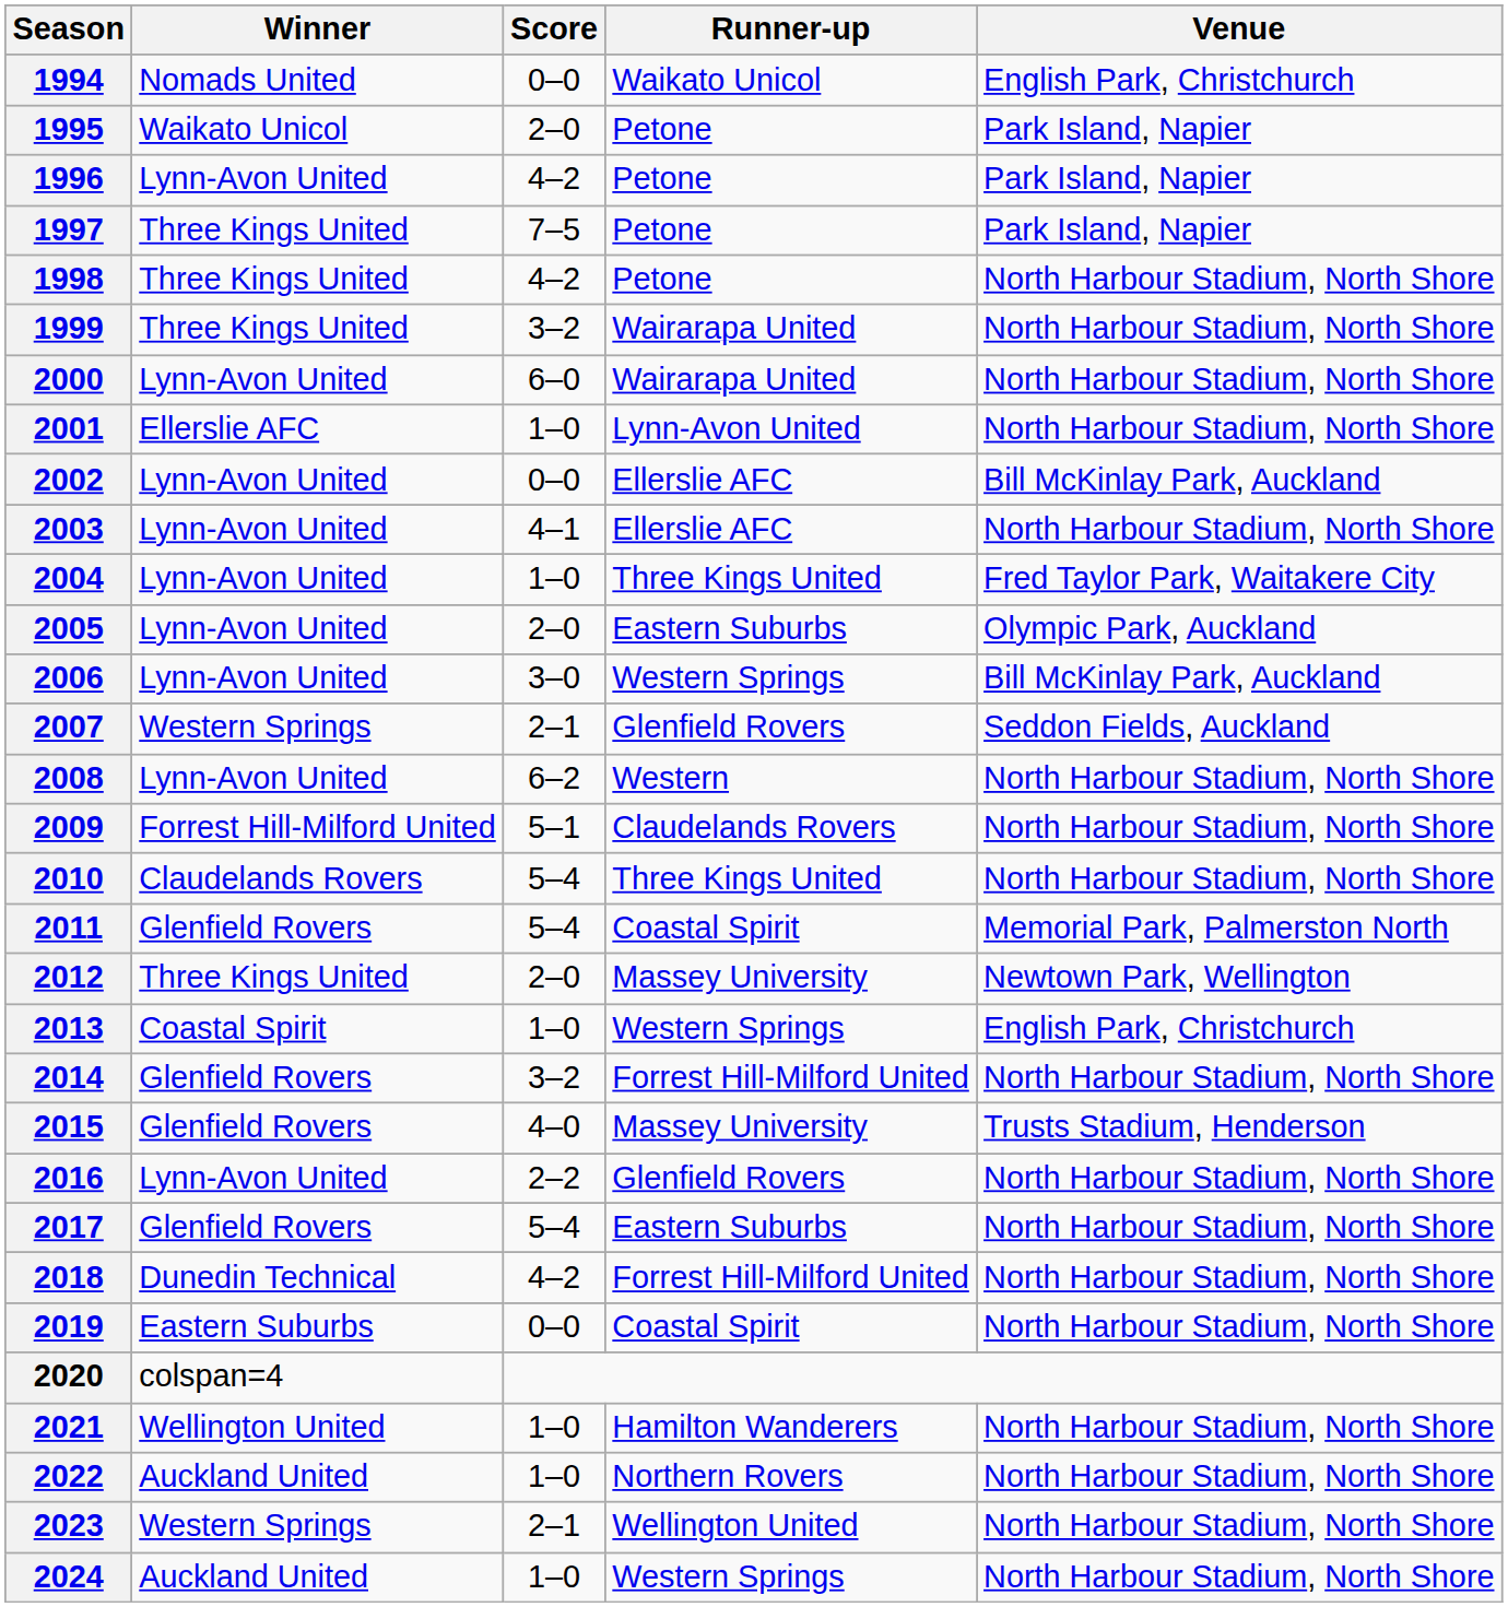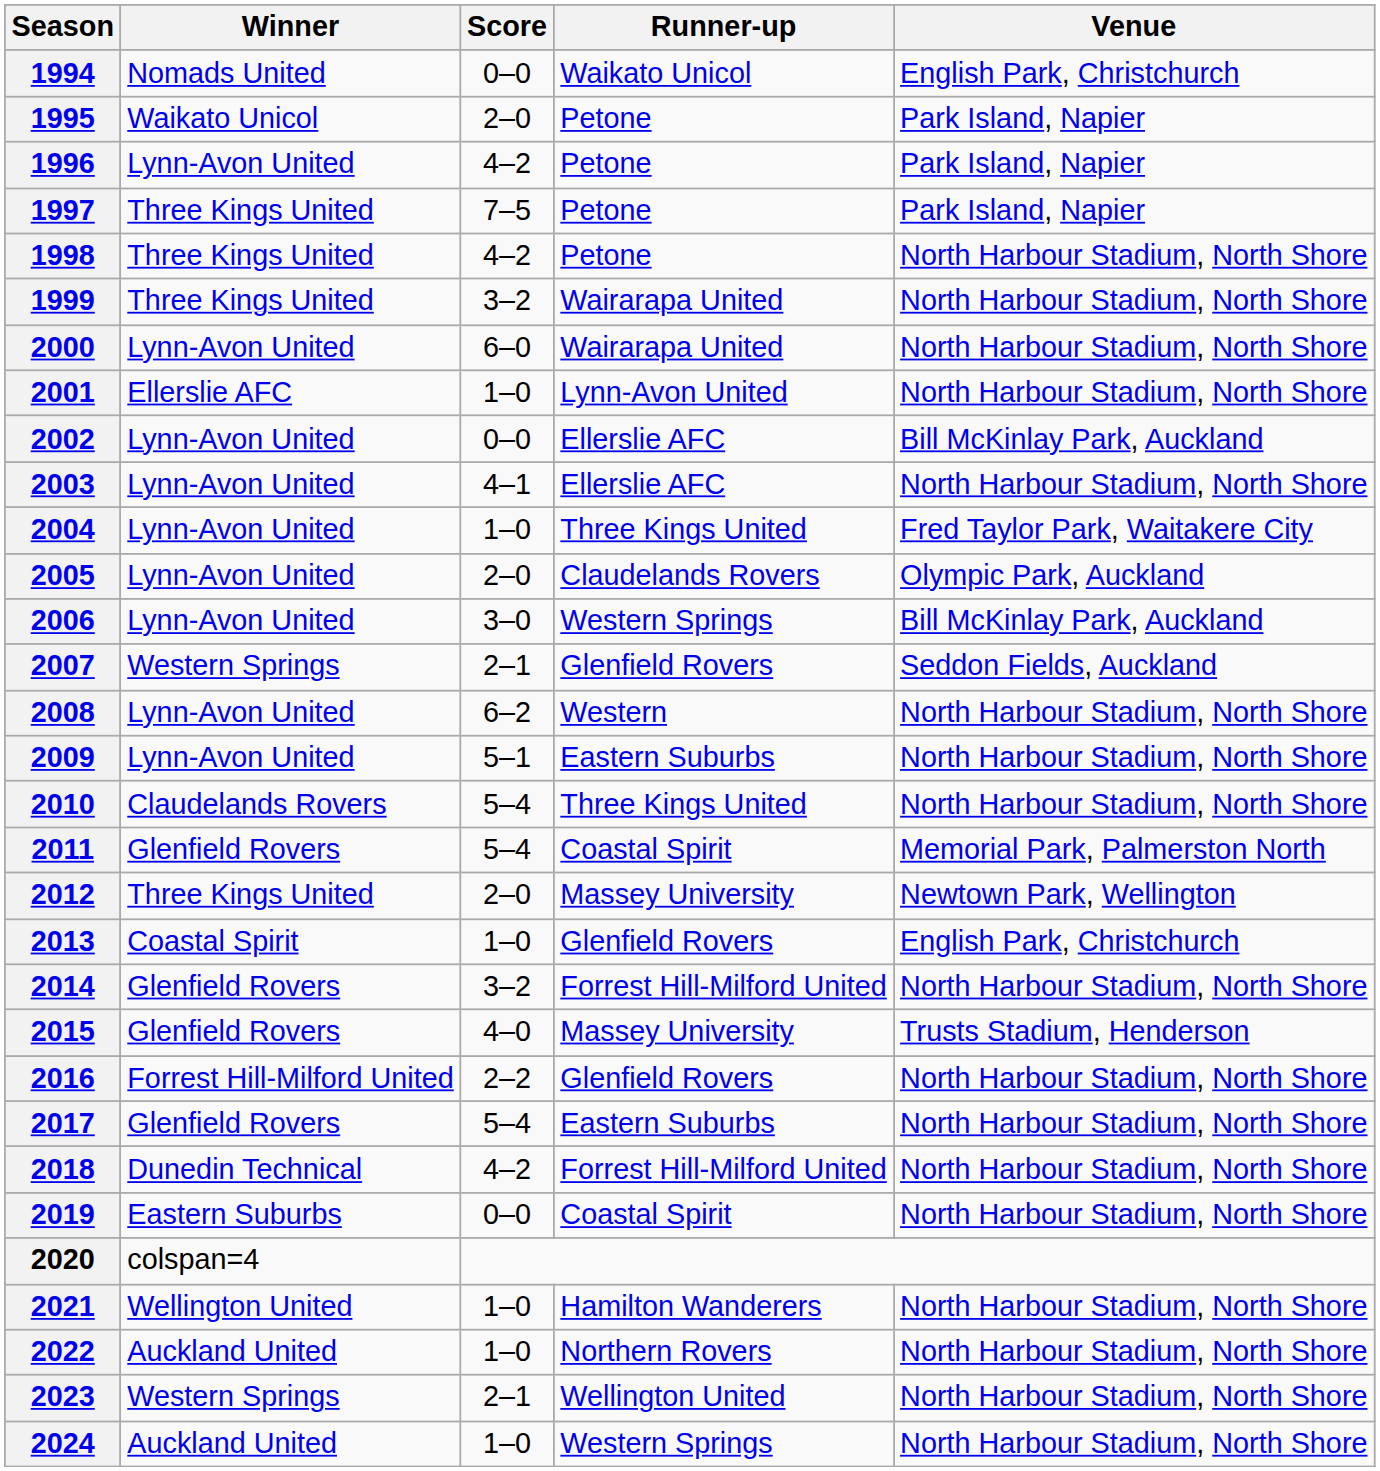 <table class="sortable plainrowheaders wikitable">
 <tr>
 <th scope=col>Season</th>
 <th scope=col>Winner</th>
 <th scope=col>Score</th>
 <th scope=col>Runner-up</th>
 <th scope=col>Venue</th>
 </tr>
 <tr>
 <th scope=row style=text-align:center><a href='#'>1994</a></th>
 <td><a href='#'>Nomads United</a></td>
 <td align=center>0–0<br></td>
 <td><a href='#'>Waikato Unicol</a></td>
 <td><a href='#'>English Park</a>, <a href='#'>Christchurch</a></td>
 </tr>
 <tr>
 <th scope=row style=text-align:center><a href='#'>1995</a></th>
 <td><a href='#'>Waikato Unicol</a></td>
 <td align=center>2–0</td>
 <td><a href='#'>Petone</a></td>
 <td><a href='#'>Park Island</a>, <a href='#'>Napier</a></td>
 </tr>
 <tr>
 <th scope=row style=text-align:center><a href='#'>1996</a></th>
 <td><a href='#'>Lynn-Avon United</a></td>
 <td align=center>4–2</td>
 <td><a href='#'>Petone</a></td>
 <td><a href='#'>Park Island</a>, <a href='#'>Napier</a></td>
 </tr>
 <tr>
 <th scope=row style=text-align:center><a href='#'>1997</a></th>
 <td><a href='#'>Three Kings United</a></td>
 <td align=center>7–5</td>
 <td><a href='#'>Petone</a></td>
 <td><a href='#'>Park Island</a>, <a href='#'>Napier</a></td>
 </tr>
 <tr>
 <th scope=row style=text-align:center><a href='#'>1998</a></th>
 <td><a href='#'>Three Kings United</a></td>
 <td align=center>4–2</td>
 <td><a href='#'>Petone</a></td>
 <td><a href='#'>North Harbour Stadium</a>, <a href='#'>North Shore</a></td>
 </tr>
 <tr>
 <th scope=row style=text-align:center><a href='#'>1999</a></th>
 <td><a href='#'>Three Kings United</a></td>
 <td align=center>3–2</td>
 <td><a href='#'>Wairarapa United</a></td>
 <td><a href='#'>North Harbour Stadium</a>, <a href='#'>North Shore</a></td>
 </tr>
 <tr>
 <th scope=row style=text-align:center><a href='#'>2000</a></th>
 <td><a href='#'>Lynn-Avon United</a></td>
 <td align=center>6–0</td>
 <td><a href='#'>Wairarapa United</a></td>
 <td><a href='#'>North Harbour Stadium</a>, <a href='#'>North Shore</a></td>
 </tr>
 <tr>
 <th scope=row style=text-align:center><a href='#'>2001</a></th>
 <td><a href='#'>Ellerslie AFC</a></td>
 <td align=center>1–0</td>
 <td><a href='#'>Lynn-Avon United</a></td>
 <td><a href='#'>North Harbour Stadium</a>, <a href='#'>North Shore</a></td>
 </tr>
 <tr>
 <th scope=row style=text-align:center><a href='#'>2002</a></th>
 <td><a href='#'>Lynn-Avon United</a></td>
 <td align=center>0–0<br></td>
 <td><a href='#'>Ellerslie AFC</a></td>
 <td><a href='#'>Bill McKinlay Park</a>, <a href='#'>Auckland</a></td>
 </tr>
 <tr>
 <th scope=row style=text-align:center><a href='#'>2003</a></th>
 <td><a href='#'>Lynn-Avon United</a></td>
 <td align=center>4–1</td>
 <td><a href='#'>Ellerslie AFC</a></td>
 <td><a href='#'>North Harbour Stadium</a>, <a href='#'>North Shore</a></td>
 </tr>
 <tr>
 <th scope=row style=text-align:center><a href='#'>2004</a></th>
 <td><a href='#'>Lynn-Avon United</a></td>
 <td align=center>1–0</td>
 <td><a href='#'>Three Kings United</a></td>
 <td><a href='#'>Fred Taylor Park</a>, <a href='#'>Waitakere City</a></td>
 </tr>
 <tr>
 <th scope=row style=text-align:center><a href='#'>2005</a></th>
 <td><a href='#'>Lynn-Avon United</a></td>
 <td align=center>2–0</td>
-<td><a href='#'>Eastern Suburbs</a></td>
+<td><a href='#'>Claudelands Rovers</a></td>
 <td><a href='#'>Olympic Park</a>, <a href='#'>Auckland</a></td>
 </tr>
 <tr>
 <th scope=row style=text-align:center><a href='#'>2006</a></th>
 <td><a href='#'>Lynn-Avon United</a></td>
 <td align=center>3–0</td>
 <td><a href='#'>Western Springs</a></td>
 <td><a href='#'>Bill McKinlay Park</a>, <a href='#'>Auckland</a></td>
 </tr>
 <tr>
 <th scope=row style=text-align:center><a href='#'>2007</a></th>
 <td><a href='#'>Western Springs</a></td>
 <td align=center>2–1</td>
 <td><a href='#'>Glenfield Rovers</a></td>
 <td><a href='#'>Seddon Fields</a>, <a href='#'>Auckland</a></td>
 </tr>
 <tr>
 <th scope=row style=text-align:center><a href='#'>2008</a></th>
 <td><a href='#'>Lynn-Avon United</a></td>
 <td align=center>6–2</td>
 <td><a href='#'>Western</a></td>
 <td><a href='#'>North Harbour Stadium</a>, <a href='#'>North Shore</a></td>
 </tr>
 <tr>
 <th scope=row style=text-align:center><a href='#'>2009</a></th>
-<td><a href='#'>Forrest Hill-Milford United</a></td>
+<td><a href='#'>Lynn-Avon United</a></td>
 <td align=center>5–1</td>
-<td><a href='#'>Claudelands Rovers</a></td>
+<td><a href='#'>Eastern Suburbs</a></td>
 <td><a href='#'>North Harbour Stadium</a>, <a href='#'>North Shore</a></td>
 </tr>
 <tr>
 <th scope=row style=text-align:center><a href='#'>2010</a></th>
 <td><a href='#'>Claudelands Rovers</a></td>
 <td align=center>5–4</td>
 <td><a href='#'>Three Kings United</a></td>
 <td><a href='#'>North Harbour Stadium</a>, <a href='#'>North Shore</a></td>
 </tr>
 <tr>
 <th scope=row style=text-align:center><a href='#'>2011</a></th>
 <td><a href='#'>Glenfield Rovers</a></td>
 <td align=center>5–4</td>
 <td><a href='#'>Coastal Spirit</a></td>
 <td><a href='#'>Memorial Park</a>, <a href='#'>Palmerston North</a></td>
 </tr>
 <tr>
 <th scope=row style=text-align:center><a href='#'>2012</a></th>
 <td><a href='#'>Three Kings United</a></td>
 <td align=center>2–0</td>
 <td><a href='#'>Massey University</a></td>
 <td><a href='#'>Newtown Park</a>, <a href='#'>Wellington</a></td>
 </tr>
 <tr>
 <th scope=row style=text-align:center><a href='#'>2013</a></th>
 <td><a href='#'>Coastal Spirit</a></td>
 <td align=center>1–0</td>
-<td><a href='#'>Western Springs</a></td>
+<td><a href='#'>Glenfield Rovers</a></td>
 <td><a href='#'>English Park</a>, <a href='#'>Christchurch</a></td>
 </tr>
 <tr>
 <th scope=row style=text-align:center><a href='#'>2014</a></th>
 <td><a href='#'>Glenfield Rovers</a></td>
 <td align=center>3–2</td>
 <td><a href='#'>Forrest Hill-Milford United</a></td>
 <td><a href='#'>North Harbour Stadium</a>, <a href='#'>North Shore</a></td>
 </tr>
 <tr>
 <th scope=row style=text-align:center><a href='#'>2015</a></th>
 <td><a href='#'>Glenfield Rovers</a></td>
 <td align=center>4–0</td>
 <td><a href='#'>Massey University</a></td>
 <td><a href='#'>Trusts Stadium</a>, <a href='#'>Henderson</a></td>
 </tr>
 <tr>
 <th scope=row style=text-align:center><a href='#'>2016</a></th>
-<td><a href='#'>Lynn-Avon United</a></td>
+<td><a href='#'>Forrest Hill-Milford United</a></td>
 <td align=center>2–2<br></td>
 <td><a href='#'>Glenfield Rovers</a></td>
 <td><a href='#'>North Harbour Stadium</a>, <a href='#'>North Shore</a></td>
 </tr>
 <tr>
 <th scope=row style=text-align:center><a href='#'>2017</a></th>
 <td><a href='#'>Glenfield Rovers</a></td>
 <td align=center>5–4</td>
 <td><a href='#'>Eastern Suburbs</a></td>
 <td><a href='#'>North Harbour Stadium</a>, <a href='#'>North Shore</a></td>
 </tr>
 <tr>
 <th scope=row style=text-align:center><a href='#'>2018</a></th>
 <td><a href='#'>Dunedin Technical</a></td>
 <td align=center>4–2</td>
 <td><a href='#'>Forrest Hill-Milford United</a></td>
 <td><a href='#'>North Harbour Stadium</a>, <a href='#'>North Shore</a></td>
 </tr>
 <tr>
 <th scope=row style=text-align:center><a href='#'>2019</a></th>
 <td><a href='#'>Eastern Suburbs</a></td>
 <td align=center>0–0<br></td>
 <td><a href='#'>Coastal Spirit</a></td>
 <td><a href='#'>North Harbour Stadium</a>, <a href='#'>North Shore</a></td>
 </tr>
 <tr>
 <th scope=row style=text-align:center>2020</th>
 <td>colspan=4 </td>
 </tr>
 <tr>
 <th scope=row style=text-align:center><a href='#'>2021</a></th>
 <td><a href='#'>Wellington United</a></td>
 <td align=center>1–0</td>
 <td><a href='#'>Hamilton Wanderers</a></td>
 <td><a href='#'>North Harbour Stadium</a>, <a href='#'>North Shore</a></td>
 </tr>
 <tr>
 <th scope=row style=text-align:center><a href='#'>2022</a></th>
 <td><a href='#'>Auckland United</a></td>
 <td align=center>1–0</td>
 <td><a href='#'>Northern Rovers</a></td>
 <td><a href='#'>North Harbour Stadium</a>, <a href='#'>North Shore</a></td>
 </tr>
 <tr>
 <th scope=row style=text-align:center><a href='#'>2023</a></th>
 <td><a href='#'>Western Springs</a></td>
 <td align=center>2–1</td>
 <td><a href='#'>Wellington United</a></td>
 <td><a href='#'>North Harbour Stadium</a>, <a href='#'>North Shore</a></td>
 </tr>
 <tr>
 <th scope=row style=text-align:center><a href='#'>2024</a></th>
 <td><a href='#'>Auckland United</a></td>
 <td align=center>1–0</td>
 <td><a href='#'>Western Springs</a></td>
 <td><a href='#'>North Harbour Stadium</a>, <a href='#'>North Shore</a></td>
 </tr>
 </table>
